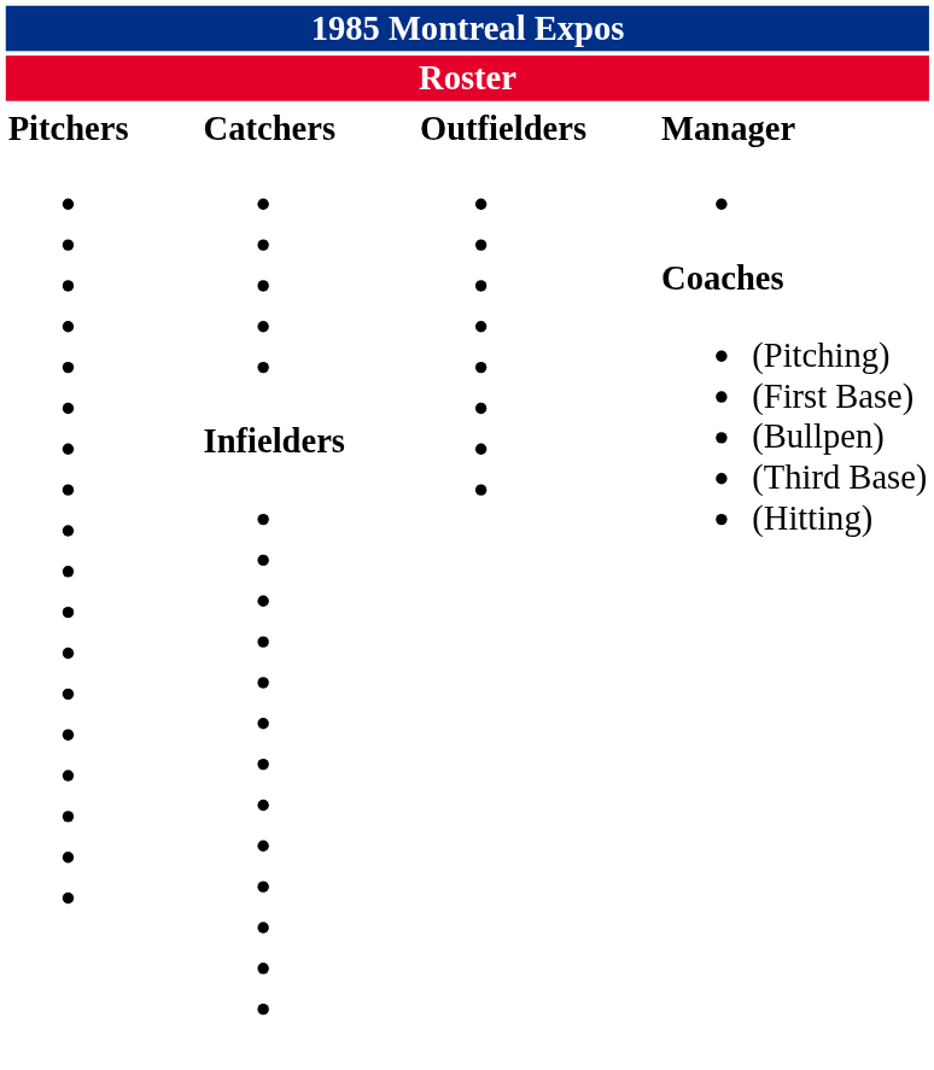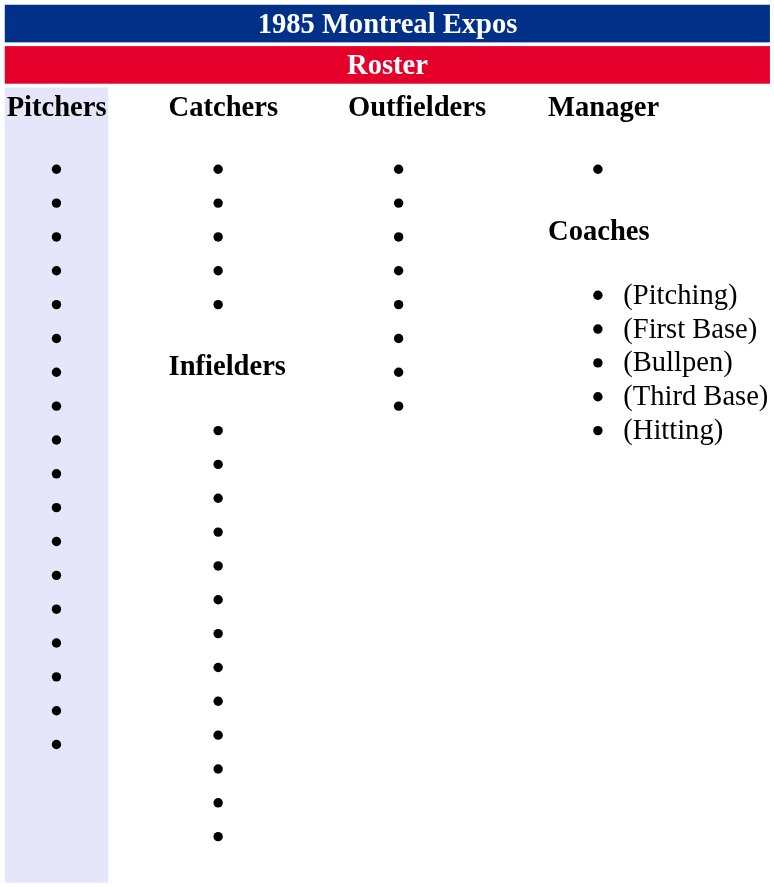 <table class="toccolours" style="font-size: 95%;">
 <tr>
 <th colspan="10" style="background-color: #003087; color: #FFFFFF; text-align: center;">1985 Montreal Expos</th>
 </tr>
 <tr>
 <td colspan="10" style="background-color: #E4002B; color: #FFFFFF; text-align: center;"><strong>Roster</strong></td>
 </tr>
 <tr>
-<td valign="top"><strong>Pitchers</strong><br><ul><li></li><li></li><li></li><li></li><li></li><li></li><li></li><li></li><li></li><li></li><li></li><li></li><li></li><li></li><li></li><li></li><li></li><li></li></ul></td>
+<td valign="top" style="background: lavender;"><strong>Pitchers</strong><br><ul><li></li><li></li><li></li><li></li><li></li><li></li><li></li><li></li><li></li><li></li><li></li><li></li><li></li><li></li><li></li><li></li><li></li><li></li></ul></td>
 <td width="25px"></td>
 <td valign="top"><strong>Catchers</strong><br><ul><li></li><li></li><li></li><li></li><li></li></ul><strong>Infielders</strong><ul><li></li><li></li><li></li><li></li><li></li><li></li><li></li><li></li><li></li><li></li><li></li><li></li><li></li></ul></td>
 <td width="25px"></td>
 <td valign="top"><strong>Outfielders</strong><br><ul><li></li><li></li><li></li><li></li><li></li><li></li><li></li><li></li></ul></td>
 <td width="25px"></td>
 <td valign="top"><strong>Manager</strong><br><ul><li></li></ul><strong>Coaches</strong><ul><li> (Pitching)</li><li> (First Base)</li><li> (Bullpen)</li><li> (Third Base)</li><li> (Hitting)</li></ul></td>
 </tr>
 <tr>
 </tr>
 </table>
